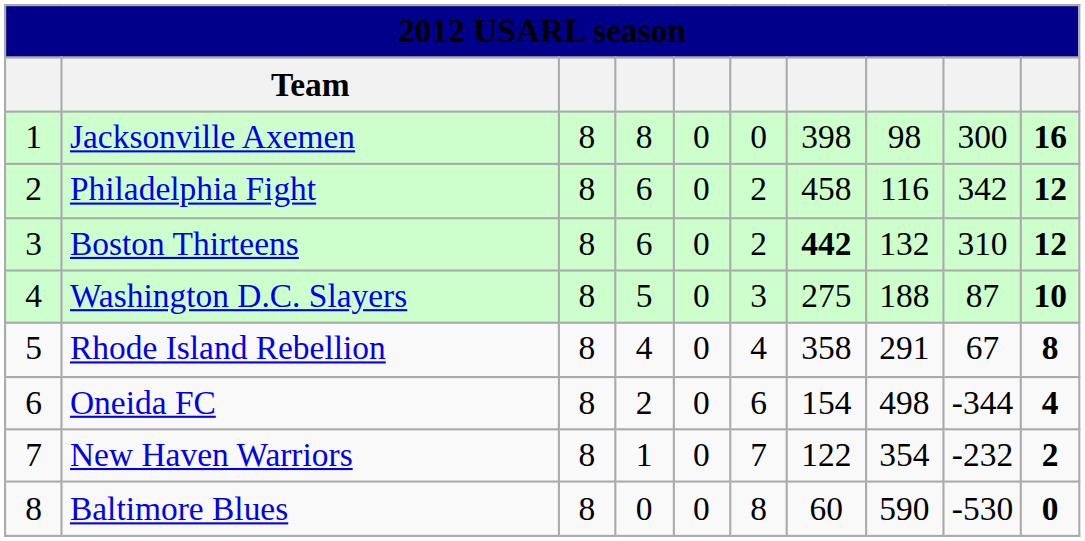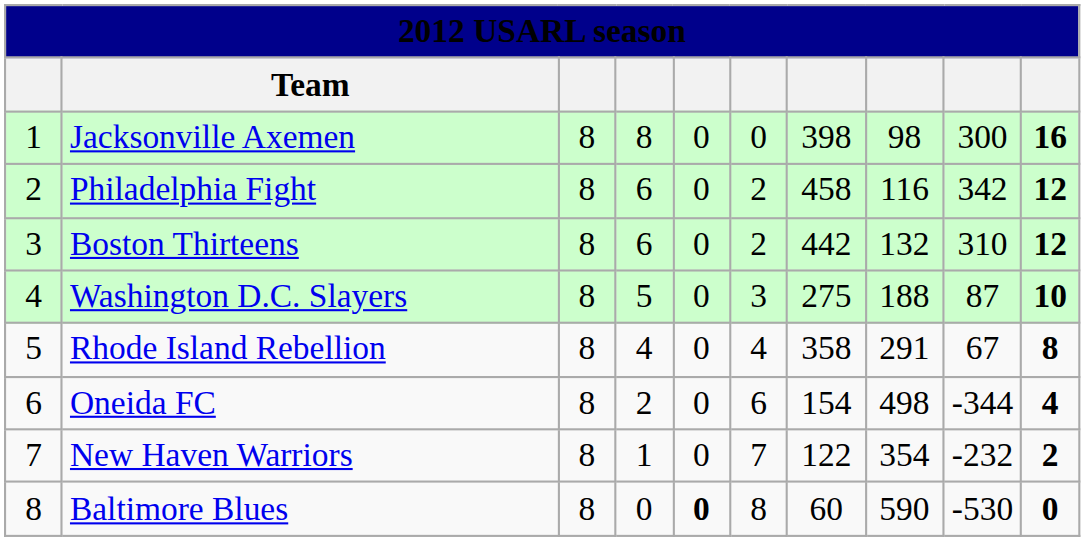 <table class="wikitable" style="text-align:center">
 <tr>
 <td bgcolor=darkblue align="center" colspan="11"><strong><span>2012 USARL season</span></strong></td>
 </tr>
 <tr>
 <th width="20"></th>
 <th width="230">Team</th>
 <th width="20"></th>
 <th width="20"></th>
 <th width="20"></th>
 <th width="20"></th>
 <th width="30"></th>
 <th width="30"></th>
 <th width="30"></th>
 <th width="20"></th>
 </tr>
 <tr style="background: #ccffcc;">
 <td>1</td>
 <td style="text-align:left;"> <a href='#'>Jacksonville Axemen</a></td>
 <td>8</td>
 <td>8</td>
 <td>0</td>
 <td>0</td>
 <td>398</td>
 <td>98</td>
 <td>300</td>
 <td><strong>16</strong></td>
 </tr>
 <tr style="background: #ccffcc;">
 <td>2</td>
 <td style="text-align:left;"> <a href='#'>Philadelphia Fight</a></td>
 <td>8</td>
 <td>6</td>
 <td>0</td>
 <td>2</td>
 <td>458</td>
 <td>116</td>
 <td>342</td>
 <td><strong>12</strong></td>
 </tr>
 <tr style="background: #ccffcc;">
 <td>3</td>
 <td style="text-align:left;"> <a href='#'>Boston Thirteens</a></td>
 <td>8</td>
 <td>6</td>
 <td>0</td>
 <td>2</td>
-<td><strong>442</strong></td>
+<td>442</td>
 <td>132</td>
 <td>310</td>
 <td><strong>12</strong></td>
 </tr>
 <tr style="background: #ccffcc;">
 <td>4</td>
 <td style="text-align:left;"> <a href='#'>Washington D.C. Slayers</a></td>
 <td>8</td>
 <td>5</td>
 <td>0</td>
 <td>3</td>
 <td>275</td>
 <td>188</td>
 <td>87</td>
 <td><strong>10</strong></td>
 </tr>
 <tr>
 <td>5</td>
 <td style="text-align:left;"> <a href='#'>Rhode Island Rebellion</a></td>
 <td>8</td>
 <td>4</td>
 <td>0</td>
 <td>4</td>
 <td>358</td>
 <td>291</td>
 <td>67</td>
 <td><strong>8</strong></td>
 </tr>
 <tr>
 <td>6</td>
 <td style="text-align:left;"> <a href='#'>Oneida FC</a></td>
 <td>8</td>
 <td>2</td>
 <td>0</td>
 <td>6</td>
 <td>154</td>
 <td>498</td>
 <td>-344</td>
 <td><strong>4</strong></td>
 </tr>
 <tr>
 <td>7</td>
 <td style="text-align:left;"> <a href='#'>New Haven Warriors</a></td>
 <td>8</td>
 <td>1</td>
 <td>0</td>
 <td>7</td>
 <td>122</td>
 <td>354</td>
 <td>-232</td>
 <td><strong>2</strong></td>
 </tr>
 <tr>
 <td>8</td>
 <td style="text-align:left;"> <a href='#'>Baltimore Blues</a></td>
 <td>8</td>
 <td>0</td>
-<td>0</td>
+<td><strong>0</strong></td>
 <td>8</td>
 <td>60</td>
 <td>590</td>
 <td>-530</td>
 <td><strong>0</strong></td>
 </tr>
 </table>
